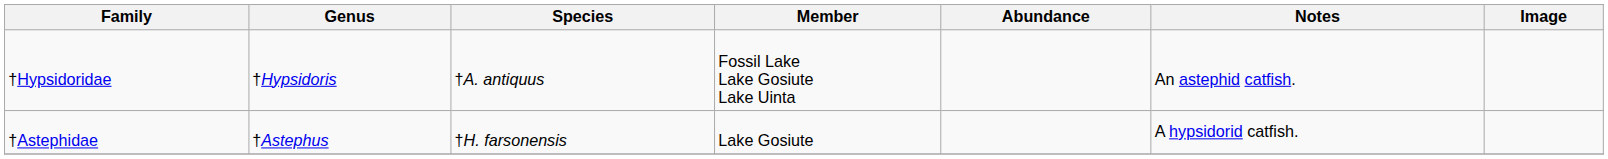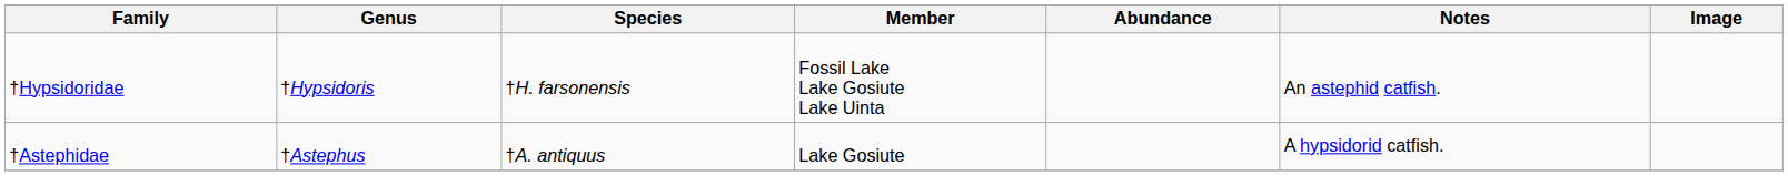 <table class="wikitable" style="margin:auto;width:100%;">
 <tr>
 <th>Family</th>
 <th>Genus</th>
 <th>Species</th>
 <th>Member</th>
 <th>Abundance</th>
 <th>Notes</th>
 <th>Image</th>
 </tr>
 <tr>
 <td><br>†<a href='#'>Hypsidoridae</a></td>
 <td><br>†<em><a href='#'>Hypsidoris</a></em></td>
-<td><br>†<em>A. antiquus</em> </td>
+<td><br>†<em>H. farsonensis</em> </td>
 <td><br>Fossil Lake<br> Lake Gosiute<br> Lake Uinta</td>
 <td></td>
 <td><br>An <a href='#'>astephid</a> <a href='#'>catfish</a>.</td>
 <td><br></td>
 </tr>
 <tr>
 <td><br>†<a href='#'>Astephidae</a></td>
 <td><br>†<em><a href='#'>Astephus</a></em></td>
-<td><br>†<em>H. farsonensis</em> </td>
+<td><br>†<em>A. antiquus</em> </td>
 <td><br>Lake Gosiute</td>
 <td></td>
 <td>A <a href='#'>hypsidorid</a> catfish.</td>
 <td><br></td>
 </tr>
 <tr>
 </tr>
 </table>
